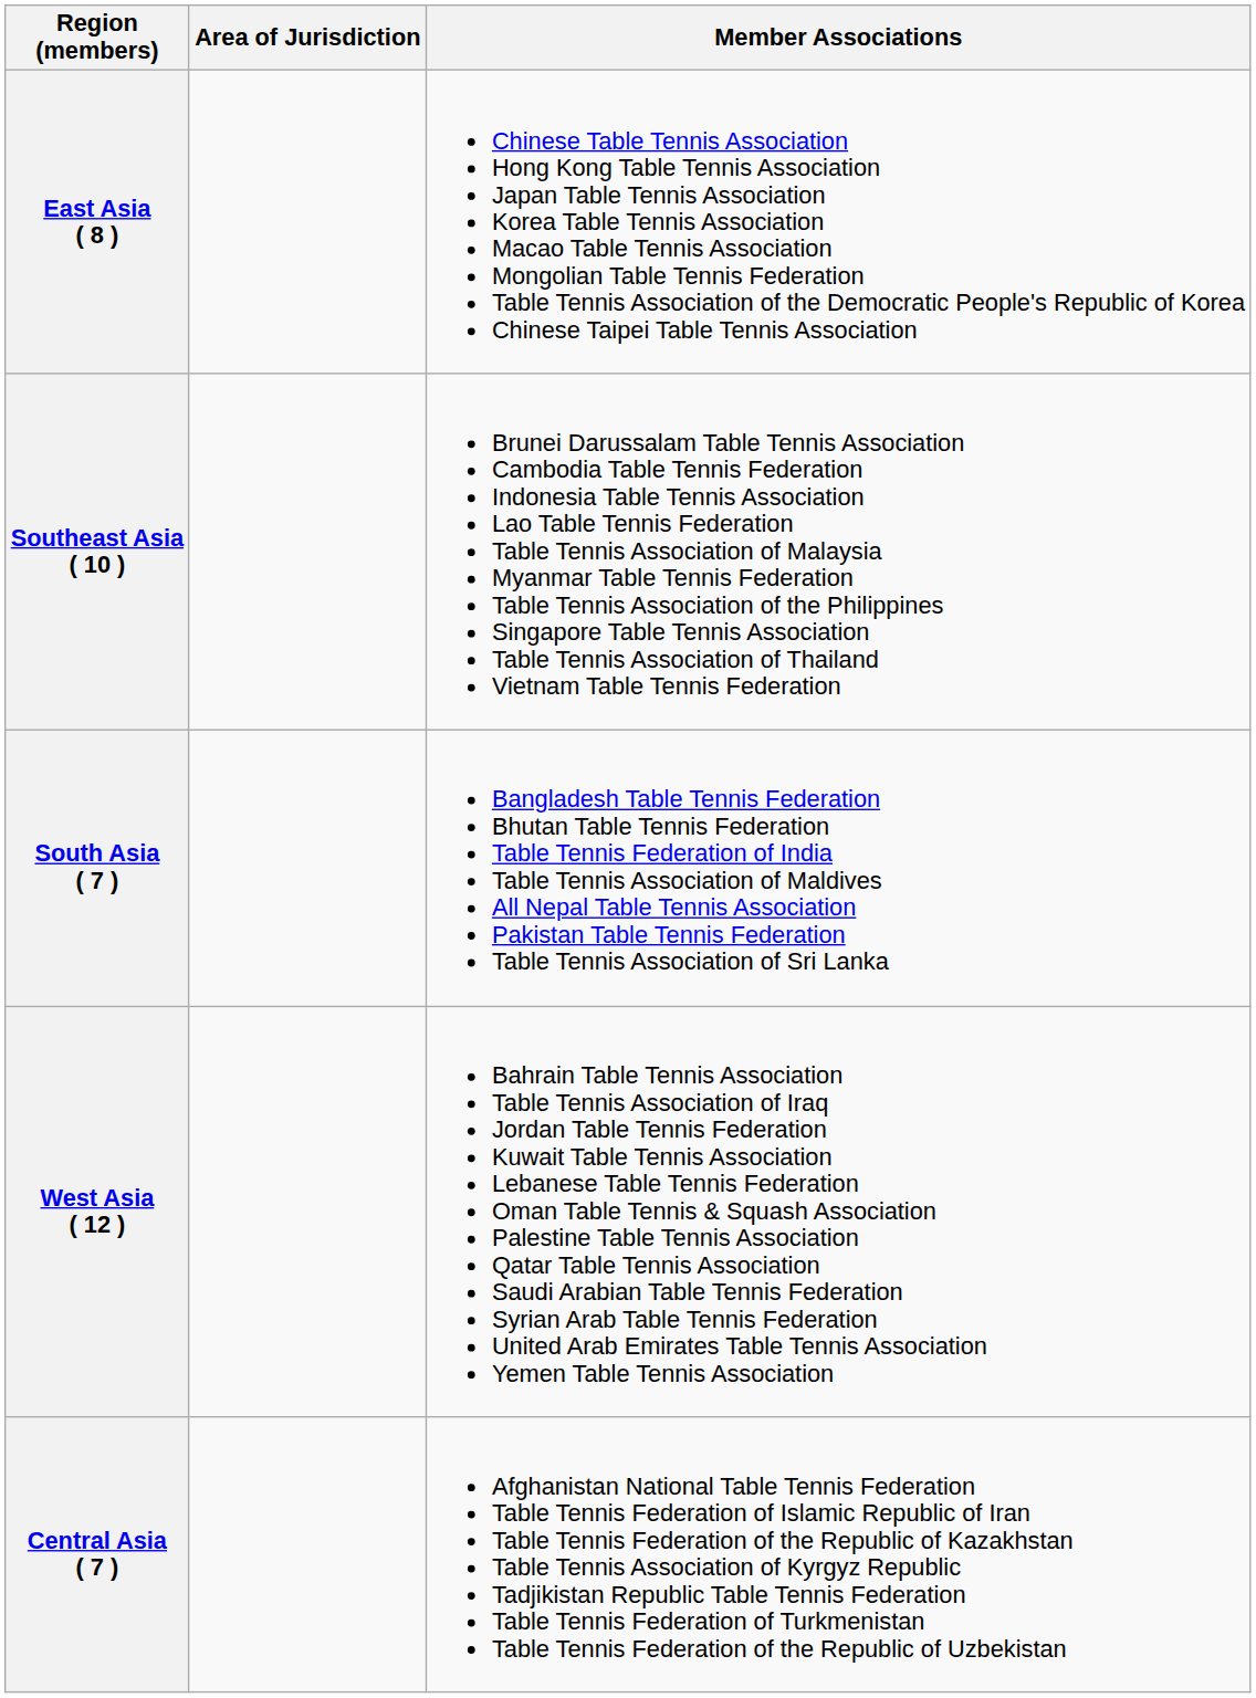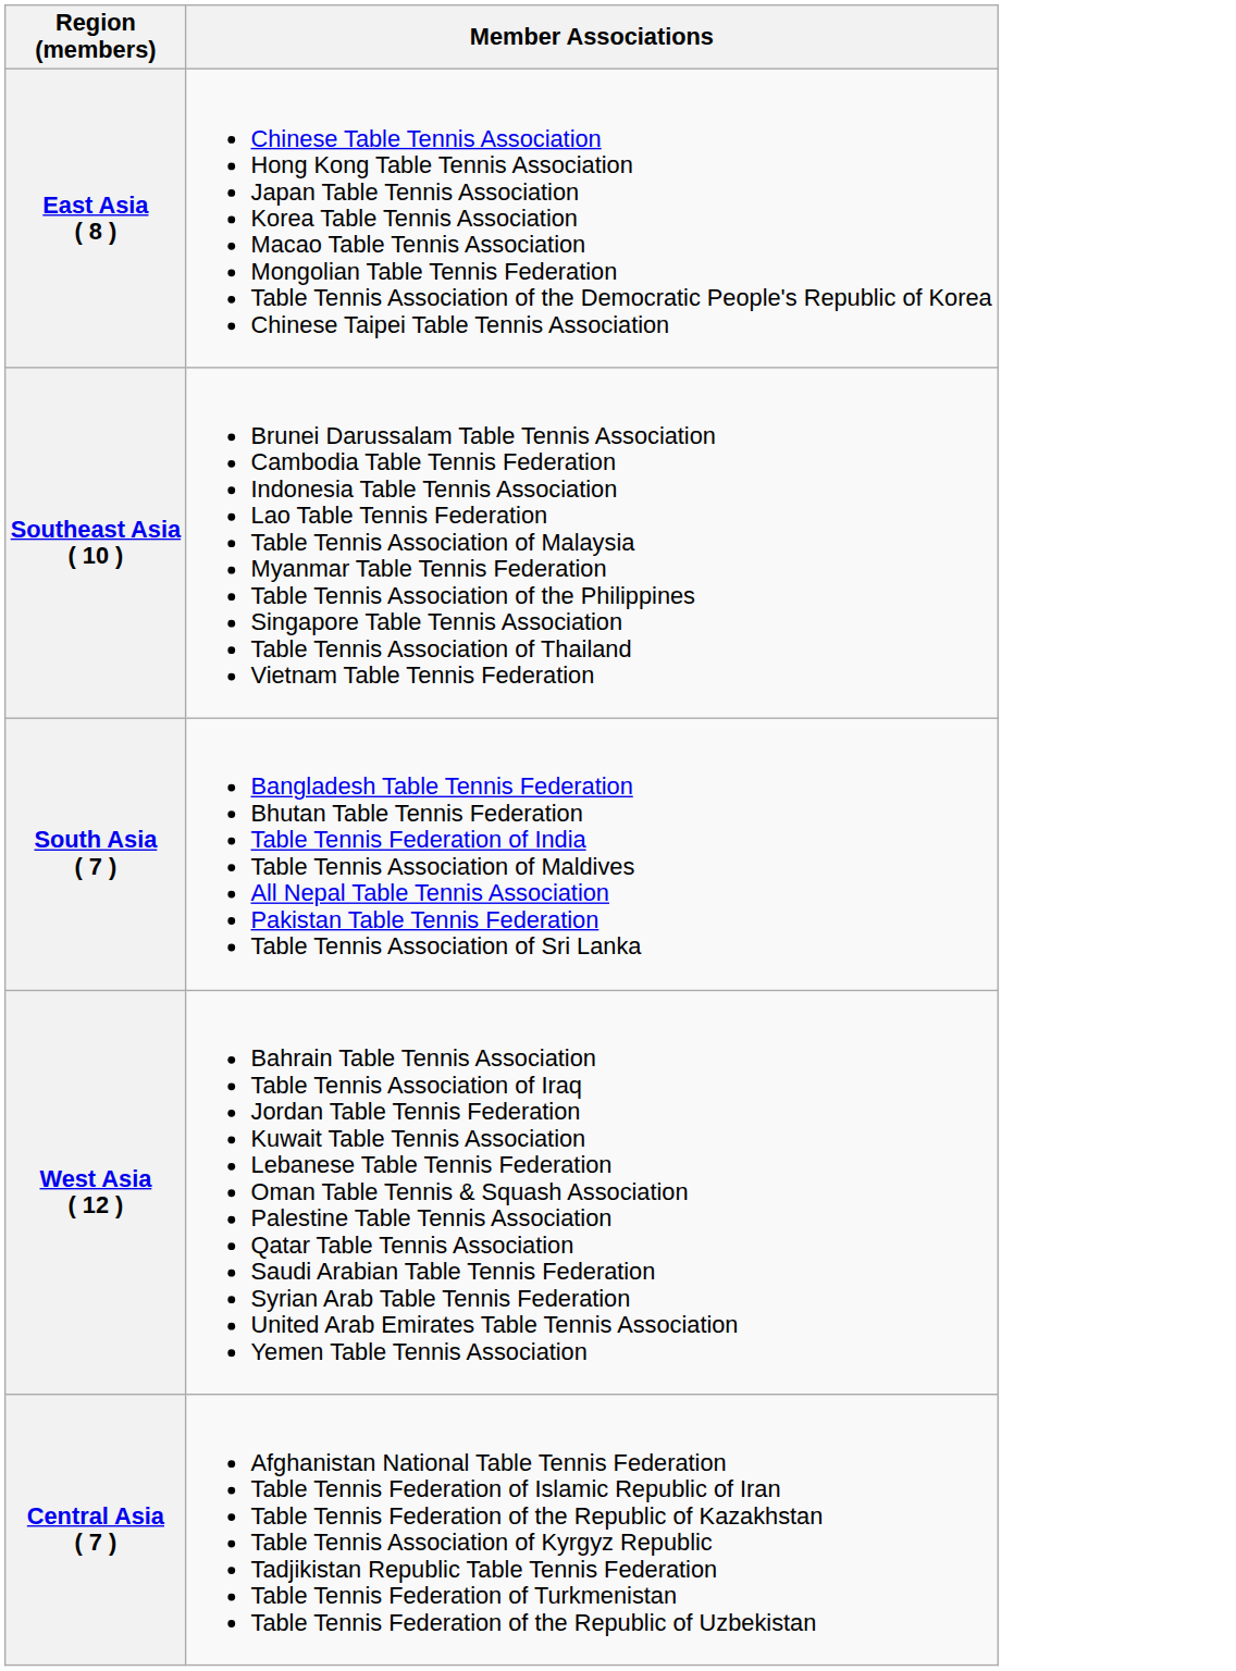 <table class="wikitable">
 <tr>
 <th>Region <br>(members)</th>
-<th>Area of Jurisdiction</th>
 <th>Member Associations</th>
 </tr>
 <tr>
 <th><a href='#'>East Asia</a> <br>( 8 )</th>
-<td><br> <br>  <br>  <br>  <br>  <br>  <br>  <br> </td>
 <td><br><ul><li><a href='#'>Chinese Table Tennis Association</a></li><li>Hong Kong Table Tennis Association</li><li>Japan Table Tennis Association</li><li>Korea Table Tennis Association</li><li>Macao Table Tennis Association</li><li>Mongolian Table Tennis Federation</li><li>Table Tennis Association of the Democratic People's Republic of Korea</li><li>Chinese Taipei Table Tennis Association</li></ul></td>
 </tr>
 <tr>
 <th><a href='#'>Southeast Asia</a> <br>( 10 )</th>
-<td><br> <br>  <br>  <br>  <br>  <br>  <br>  <br>  <br>  <br> </td>
 <td><br><ul><li>Brunei Darussalam Table Tennis Association</li><li>Cambodia Table Tennis Federation</li><li>Indonesia Table Tennis Association</li><li>Lao Table Tennis Federation</li><li>Table Tennis Association of Malaysia</li><li>Myanmar Table Tennis Federation</li><li>Table Tennis Association of the Philippines</li><li>Singapore Table Tennis Association</li><li>Table Tennis Association of Thailand</li><li>Vietnam Table Tennis Federation</li></ul></td>
 </tr>
 <tr>
 <th><a href='#'>South Asia</a> <br>( 7 )</th>
-<td><br> <br>  <br>  <br>  <br>  <br>  <br> </td>
 <td><br><ul><li><a href='#'>Bangladesh Table Tennis Federation</a></li><li>Bhutan Table Tennis Federation</li><li><a href='#'>Table Tennis Federation of India</a></li><li>Table Tennis Association of Maldives</li><li><a href='#'>All Nepal Table Tennis Association</a></li><li><a href='#'>Pakistan Table Tennis Federation</a></li><li>Table Tennis Association of Sri Lanka</li></ul></td>
 </tr>
 <tr>
 <th><a href='#'>West Asia</a> <br>( 12 )</th>
-<td><br> <br>  <br>  <br>  <br>  <br>  <br>  <br>  <br>  <br>  <br>  <br> </td>
 <td><br><ul><li>Bahrain Table Tennis Association</li><li>Table Tennis Association of Iraq</li><li>Jordan Table Tennis Federation</li><li>Kuwait Table Tennis Association</li><li>Lebanese Table Tennis Federation</li><li>Oman Table Tennis & Squash Association</li><li>Palestine Table Tennis Association</li><li>Qatar Table Tennis Association</li><li>Saudi Arabian Table Tennis Federation</li><li>Syrian Arab Table Tennis Federation</li><li>United Arab Emirates Table Tennis Association</li><li>Yemen Table Tennis Association</li></ul></td>
 </tr>
 <tr>
 <th><a href='#'>Central Asia</a> <br>( 7 )</th>
-<td><br> <br>  <br>  <br>  <br>  <br>  <br> </td>
 <td><br><ul><li>Afghanistan National Table Tennis Federation</li><li>Table Tennis Federation of Islamic Republic of Iran</li><li>Table Tennis Federation of the Republic of Kazakhstan</li><li>Table Tennis Association of Kyrgyz Republic</li><li>Tadjikistan Republic Table Tennis Federation</li><li>Table Tennis Federation of Turkmenistan</li><li>Table Tennis Federation of the Republic of Uzbekistan</li></ul></td>
 </tr>
 </table>
